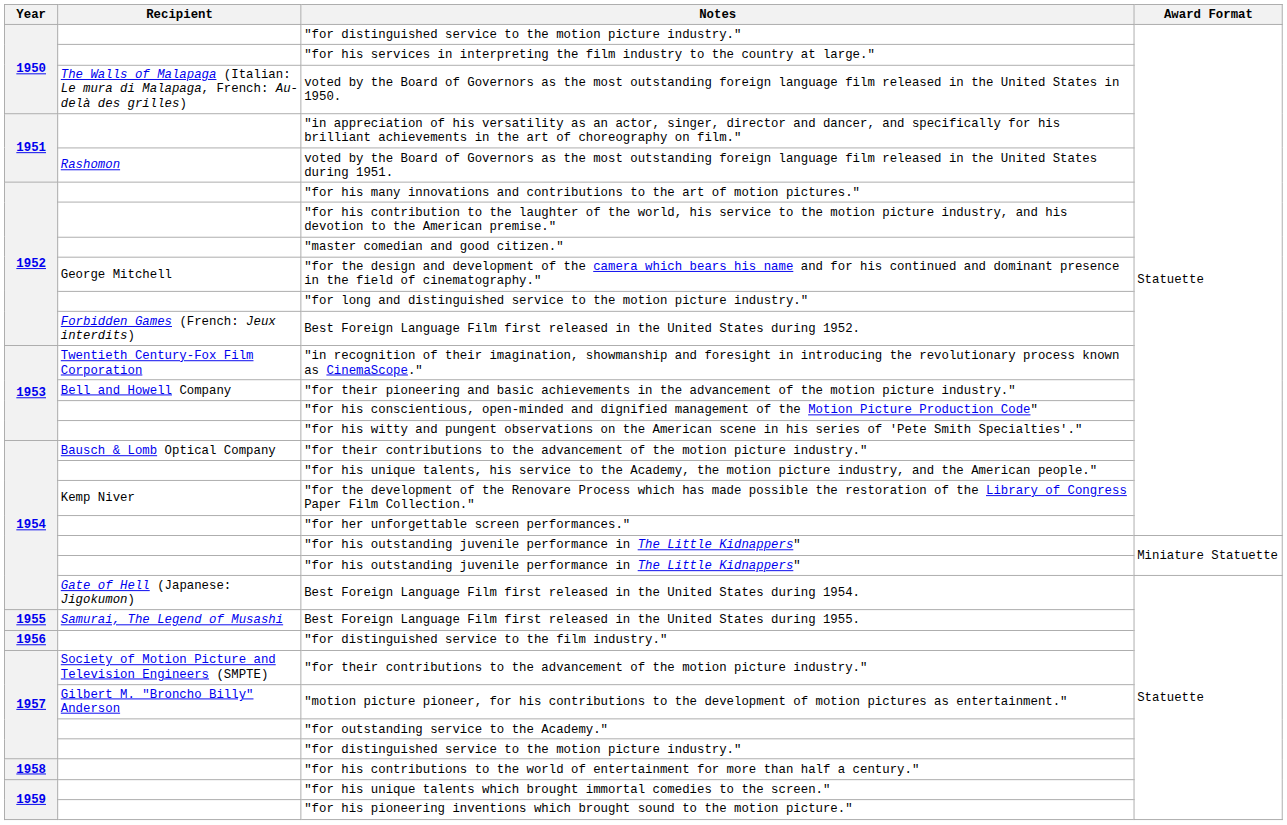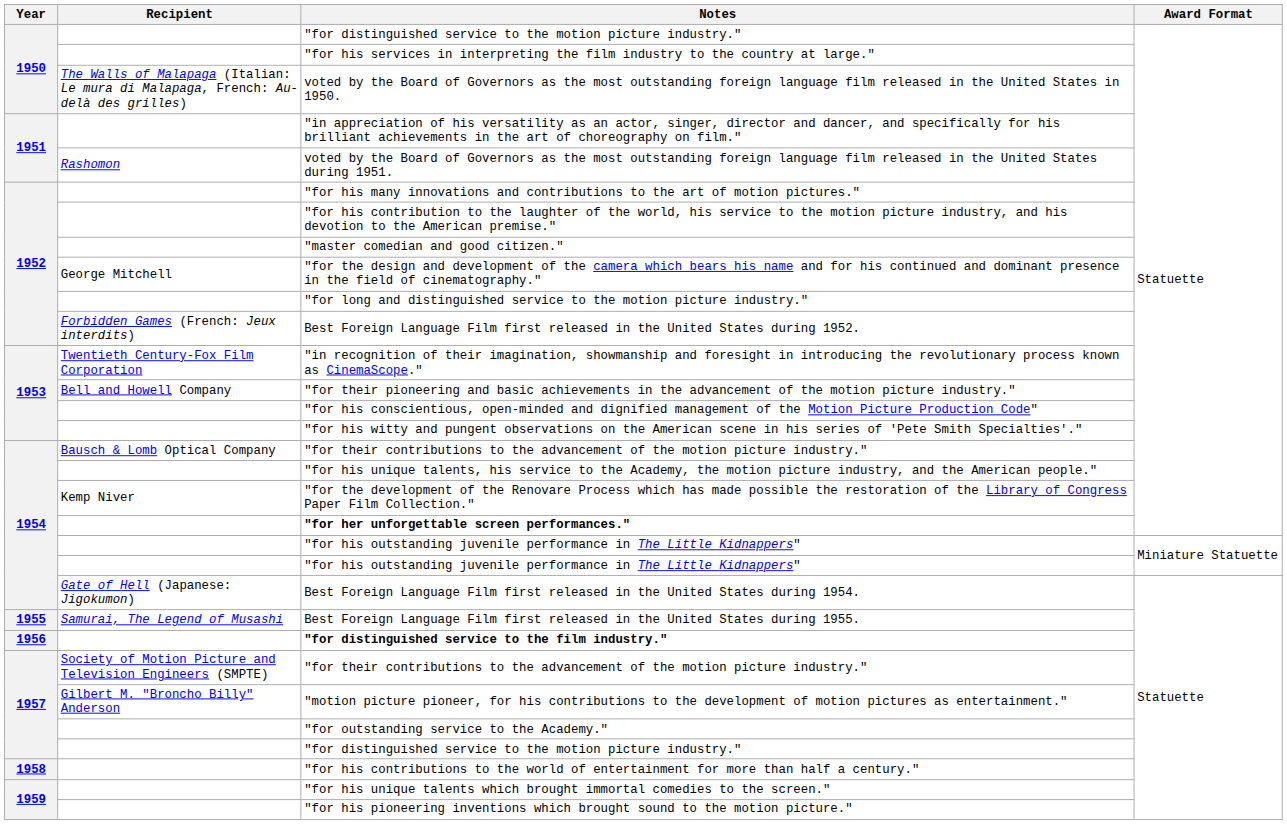 <table class="wikitable sortable" width="85%" style="background:#ffffff;" style="text-align:center;">
 <tr>
 <th width=50>Year</th>
 <th width=250>Recipient</th>
 <th class=unsortable>Notes</th>
 <th width=150>Award Format</th>
 </tr>
 <tr>
 <th rowspan="3"><a href='#'>1950</a></th>
 <td></td>
 <td>"for distinguished service to the motion picture industry."</td>
 <td rowspan="19">Statuette</td>
 </tr>
 <tr>
 <td></td>
 <td>"for his services in interpreting the film industry to the country at large."</td>
 </tr>
 <tr>
 <td><em><a href='#'>The Walls of Malapaga</a></em> (Italian: <em>Le mura di Malapaga</em>, French: <em>Au-delà des grilles</em>)</td>
 <td>voted by the Board of Governors as the most outstanding foreign language film released in the United States in 1950.</td>
 </tr>
 <tr>
 <th rowspan="2"><a href='#'>1951</a></th>
 <td></td>
 <td>"in appreciation of his versatility as an actor, singer, director and dancer, and specifically for his brilliant achievements in the art of choreography on film."</td>
 </tr>
 <tr>
 <td><em><a href='#'>Rashomon</a></em></td>
 <td>voted by the Board of Governors as the most outstanding foreign language film released in the United States during 1951.</td>
 </tr>
 <tr>
 <th rowspan="6"><a href='#'>1952</a></th>
 <td></td>
 <td>"for his many innovations and contributions to the art of motion pictures."</td>
 </tr>
 <tr>
 <td></td>
 <td>"for his contribution to the laughter of the world, his service to the motion picture industry, and his devotion to the American premise."</td>
 </tr>
 <tr>
 <td></td>
 <td>"master comedian and good citizen."</td>
 </tr>
 <tr>
 <td>George Mitchell</td>
 <td>"for the design and development of the <a href='#'>camera which bears his name</a> and for his continued and dominant presence in the field of cinematography."</td>
 </tr>
 <tr>
 <td></td>
 <td>"for long and distinguished service to the motion picture industry."</td>
 </tr>
 <tr>
 <td><em><a href='#'>Forbidden Games</a></em> (French: <em>Jeux interdits</em>)</td>
 <td>Best Foreign Language Film first released in the United States during 1952.</td>
 </tr>
 <tr>
 <th rowspan="4"><a href='#'>1953</a></th>
 <td><a href='#'>Twentieth Century-Fox Film Corporation</a></td>
 <td>"in recognition of their imagination, showmanship and foresight in introducing the revolutionary process known as <a href='#'>CinemaScope</a>."</td>
 </tr>
 <tr>
 <td><a href='#'>Bell and Howell</a> Company</td>
 <td>"for their pioneering and basic achievements in the advancement of the motion picture industry."</td>
 </tr>
 <tr>
 <td></td>
 <td>"for his conscientious, open-minded and dignified management of the <a href='#'>Motion Picture Production Code</a>"</td>
 </tr>
 <tr>
 <td></td>
 <td>"for his witty and pungent observations on the American scene in his series of 'Pete Smith Specialties'."</td>
 </tr>
 <tr>
 <th rowspan="7"><a href='#'>1954</a></th>
 <td><a href='#'>Bausch & Lomb</a> Optical Company</td>
 <td>"for their contributions to the advancement of the motion picture industry."</td>
 </tr>
 <tr>
 <td></td>
 <td>"for his unique talents, his service to the Academy, the motion picture industry, and the American people."</td>
 </tr>
 <tr>
 <td>Kemp Niver</td>
 <td>"for the development of the Renovare Process which has made possible the restoration of the <a href='#'>Library of Congress</a> Paper Film Collection."</td>
 </tr>
 <tr>
 <td></td>
-<td>"for her unforgettable screen performances."</td>
+<td><strong>"for her unforgettable screen performances."</strong></td>
 </tr>
 <tr>
 <td></td>
 <td>"for his outstanding juvenile performance in <em><a href='#'>The Little Kidnappers</a></em>"</td>
 <td rowspan="2">Miniature Statuette</td>
 </tr>
 <tr>
 <td></td>
 <td>"for his outstanding juvenile performance in <em><a href='#'>The Little Kidnappers</a></em>"</td>
 </tr>
 <tr>
 <td><em><a href='#'>Gate of Hell</a></em> (Japanese: <em>Jigokumon</em>)</td>
 <td>Best Foreign Language Film first released in the United States during 1954.</td>
 <td rowspan="10">Statuette</td>
 </tr>
 <tr>
 <th><a href='#'>1955</a></th>
 <td><em><a href='#'>Samurai, The Legend of Musashi</a></em></td>
 <td>Best Foreign Language Film first released in the United States during 1955.</td>
 </tr>
 <tr>
 <th><a href='#'>1956</a></th>
 <td></td>
-<td>"for distinguished service to the film industry."</td>
+<td><strong>"for distinguished service to the film industry."</strong></td>
 </tr>
 <tr>
 <th rowspan="4"><a href='#'>1957</a></th>
 <td><a href='#'>Society of Motion Picture and Television Engineers</a> (SMPTE)</td>
 <td>"for their contributions to the advancement of the motion picture industry."</td>
 </tr>
 <tr>
 <td><a href='#'>Gilbert M. "Broncho Billy" Anderson</a></td>
 <td>"motion picture pioneer, for his contributions to the development of motion pictures as entertainment."</td>
 </tr>
 <tr>
 <td></td>
 <td>"for outstanding service to the Academy."</td>
 </tr>
 <tr>
 <td></td>
 <td>"for distinguished service to the motion picture industry."</td>
 </tr>
 <tr>
 <th><a href='#'>1958</a></th>
 <td></td>
 <td>"for his contributions to the world of entertainment for more than half a century."</td>
 </tr>
 <tr>
 <th rowspan="2"><a href='#'>1959</a></th>
 <td></td>
 <td>"for his unique talents which brought immortal comedies to the screen."</td>
 </tr>
 <tr>
 <td></td>
 <td>"for his pioneering inventions which brought sound to the motion picture."</td>
 </tr>
 </table>
